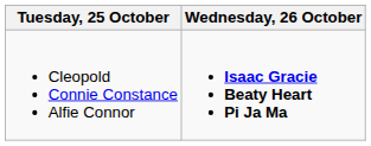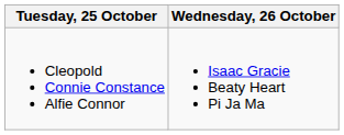 <table class="wikitable">
 <tr>
 <th>Tuesday, 25 October</th>
 <th>Wednesday, 26 October</th>
 </tr>
 <tr valign="top">
 <td><br><ul><li>Cleopold</li><li><a href='#'>Connie Constance</a></li><li>Alfie Connor</li></ul></td>
-<td><strong><br><ul><li><a href='#'>Isaac Gracie</a></li><li>Beaty Heart</li><li>Pi Ja Ma</li></ul></strong></td>
+<td><br><ul><li><a href='#'>Isaac Gracie</a></li><li>Beaty Heart</li><li>Pi Ja Ma</li></ul></td>
 </tr>
 </table>
